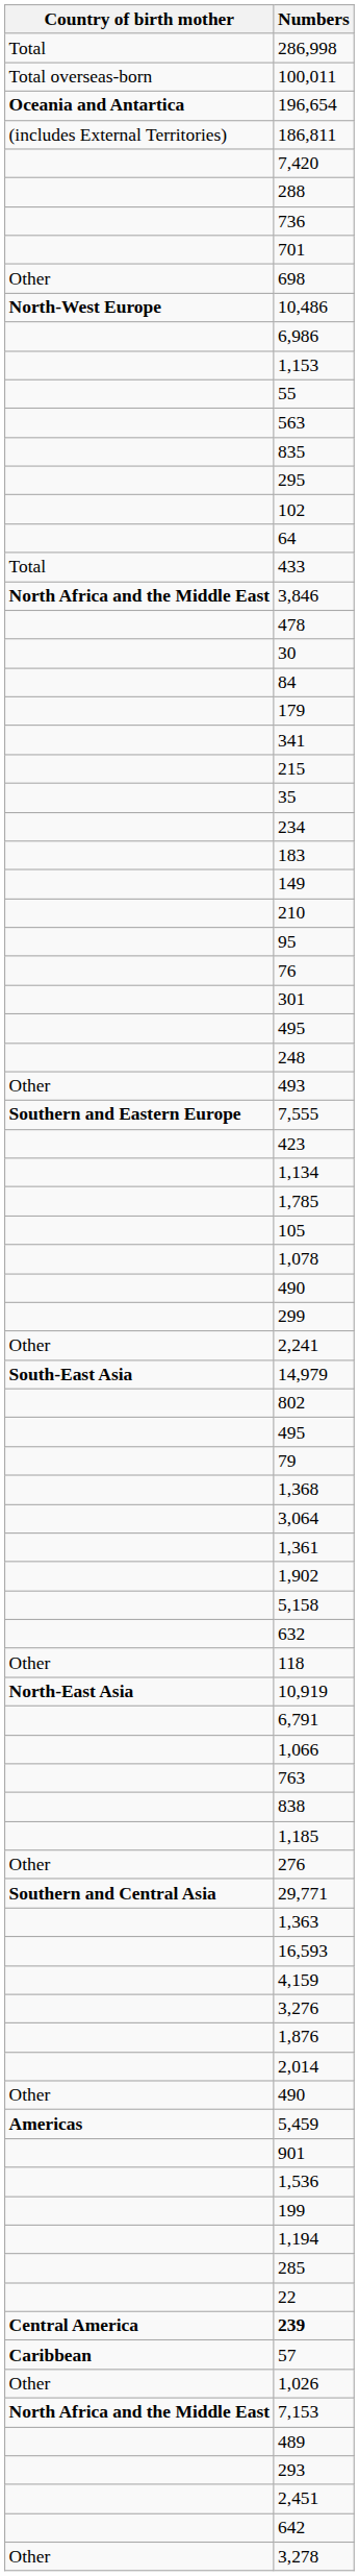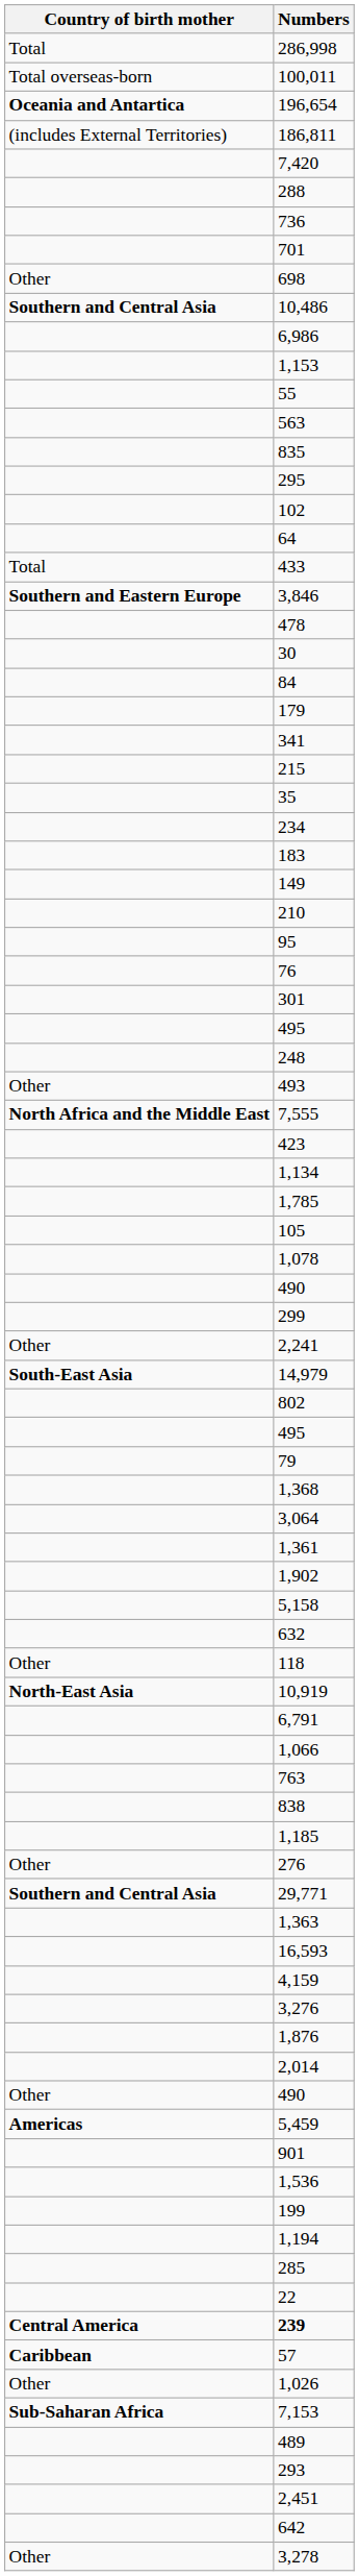 <table class="wikitable sortable mw-collapsible mw-collapsed">
 <tr>
 <th>Country of birth mother</th>
 <th>Numbers</th>
 </tr>
 <tr>
 <td>Total</td>
 <td>286,998</td>
 </tr>
 <tr>
 <td>Total overseas-born</td>
 <td>100,011</td>
 </tr>
 <tr>
 <td><strong>Oceania and Antartica</strong></td>
 <td>196,654</td>
 </tr>
 <tr>
 <td>(includes External Territories)</td>
 <td>186,811</td>
 </tr>
 <tr>
 <td></td>
 <td>7,420</td>
 </tr>
 <tr>
 <td></td>
 <td>288</td>
 </tr>
 <tr>
 <td></td>
 <td>736</td>
 </tr>
 <tr>
 <td></td>
 <td>701</td>
 </tr>
 <tr>
 <td>Other</td>
 <td>698</td>
 </tr>
 <tr>
-<td><strong>North-West Europe</strong></td>
+<td><strong>Southern and Central Asia</strong></td>
 <td>10,486</td>
 </tr>
 <tr>
 <td></td>
 <td>6,986</td>
 </tr>
 <tr>
 <td></td>
 <td>1,153</td>
 </tr>
 <tr>
 <td></td>
 <td>55</td>
 </tr>
 <tr>
 <td></td>
 <td>563</td>
 </tr>
 <tr>
 <td></td>
 <td>835</td>
 </tr>
 <tr>
 <td></td>
 <td>295</td>
 </tr>
 <tr>
 <td></td>
 <td>102</td>
 </tr>
 <tr>
 <td></td>
 <td>64</td>
 </tr>
 <tr>
 <td>Total</td>
 <td>433</td>
 </tr>
 <tr>
-<td><strong>North Africa and the Middle East</strong></td>
+<td><strong>Southern and Eastern Europe</strong></td>
 <td>3,846</td>
 </tr>
 <tr>
 <td></td>
 <td>478</td>
 </tr>
 <tr>
 <td></td>
 <td>30</td>
 </tr>
 <tr>
 <td></td>
 <td>84</td>
 </tr>
 <tr>
 <td></td>
 <td>179</td>
 </tr>
 <tr>
 <td></td>
 <td>341</td>
 </tr>
 <tr>
 <td></td>
 <td>215</td>
 </tr>
 <tr>
 <td></td>
 <td>35</td>
 </tr>
 <tr>
 <td></td>
 <td>234</td>
 </tr>
 <tr>
 <td></td>
 <td>183</td>
 </tr>
 <tr>
 <td></td>
 <td>149</td>
 </tr>
 <tr>
 <td></td>
 <td>210</td>
 </tr>
 <tr>
 <td></td>
 <td>95</td>
 </tr>
 <tr>
 <td></td>
 <td>76</td>
 </tr>
 <tr>
 <td></td>
 <td>301</td>
 </tr>
 <tr>
 <td></td>
 <td>495</td>
 </tr>
 <tr>
 <td></td>
 <td>248</td>
 </tr>
 <tr>
 <td>Other</td>
 <td>493</td>
 </tr>
 <tr>
-<td><strong>Southern and Eastern Europe</strong></td>
+<td><strong>North Africa and the Middle East</strong></td>
 <td>7,555</td>
 </tr>
 <tr>
 <td></td>
 <td>423</td>
 </tr>
 <tr>
 <td></td>
 <td>1,134</td>
 </tr>
 <tr>
 <td></td>
 <td>1,785</td>
 </tr>
 <tr>
 <td></td>
 <td>105</td>
 </tr>
 <tr>
 <td></td>
 <td>1,078</td>
 </tr>
 <tr>
 <td></td>
 <td>490</td>
 </tr>
 <tr>
 <td></td>
 <td>299</td>
 </tr>
 <tr>
 <td>Other</td>
 <td>2,241</td>
 </tr>
 <tr>
 <td><strong>South-East Asia</strong></td>
 <td>14,979</td>
 </tr>
 <tr>
 <td></td>
 <td>802</td>
 </tr>
 <tr>
 <td></td>
 <td>495</td>
 </tr>
 <tr>
 <td></td>
 <td>79</td>
 </tr>
 <tr>
 <td></td>
 <td>1,368</td>
 </tr>
 <tr>
 <td></td>
 <td>3,064</td>
 </tr>
 <tr>
 <td></td>
 <td>1,361</td>
 </tr>
 <tr>
 <td></td>
 <td>1,902</td>
 </tr>
 <tr>
 <td></td>
 <td>5,158</td>
 </tr>
 <tr>
 <td></td>
 <td>632</td>
 </tr>
 <tr>
 <td>Other</td>
 <td>118</td>
 </tr>
 <tr>
 <td><strong>North-East Asia</strong></td>
 <td>10,919</td>
 </tr>
 <tr>
 <td></td>
 <td>6,791</td>
 </tr>
 <tr>
 <td></td>
 <td>1,066</td>
 </tr>
 <tr>
 <td></td>
 <td>763</td>
 </tr>
 <tr>
 <td></td>
 <td>838</td>
 </tr>
 <tr>
 <td></td>
 <td>1,185</td>
 </tr>
 <tr>
 <td>Other</td>
 <td>276</td>
 </tr>
 <tr>
 <td><strong>Southern and Central Asia</strong></td>
 <td>29,771</td>
 </tr>
 <tr>
 <td></td>
 <td>1,363</td>
 </tr>
 <tr>
 <td></td>
 <td>16,593</td>
 </tr>
 <tr>
 <td></td>
 <td>4,159</td>
 </tr>
 <tr>
 <td></td>
 <td>3,276</td>
 </tr>
 <tr>
 <td></td>
 <td>1,876</td>
 </tr>
 <tr>
 <td></td>
 <td>2,014</td>
 </tr>
 <tr>
 <td>Other</td>
 <td>490</td>
 </tr>
 <tr>
 <td><strong>Americas</strong></td>
 <td>5,459</td>
 </tr>
 <tr>
 <td></td>
 <td>901</td>
 </tr>
 <tr>
 <td></td>
 <td>1,536</td>
 </tr>
 <tr>
 <td></td>
 <td>199</td>
 </tr>
 <tr>
 <td></td>
 <td>1,194</td>
 </tr>
 <tr>
 <td></td>
 <td>285</td>
 </tr>
 <tr>
 <td></td>
 <td>22</td>
 </tr>
 <tr>
 <td><strong>Central America</strong></td>
 <td><strong>239</strong></td>
 </tr>
 <tr>
 <td><strong>Caribbean</strong></td>
 <td>57</td>
 </tr>
 <tr>
 <td>Other</td>
 <td>1,026</td>
 </tr>
 <tr>
-<td><strong>North Africa and the Middle East</strong></td>
+<td><strong>Sub-Saharan Africa</strong></td>
 <td>7,153</td>
 </tr>
 <tr>
 <td></td>
 <td>489</td>
 </tr>
 <tr>
 <td></td>
 <td>293</td>
 </tr>
 <tr>
 <td></td>
 <td>2,451</td>
 </tr>
 <tr>
 <td></td>
 <td>642</td>
 </tr>
 <tr>
 <td>Other</td>
 <td>3,278</td>
 </tr>
 </table>
